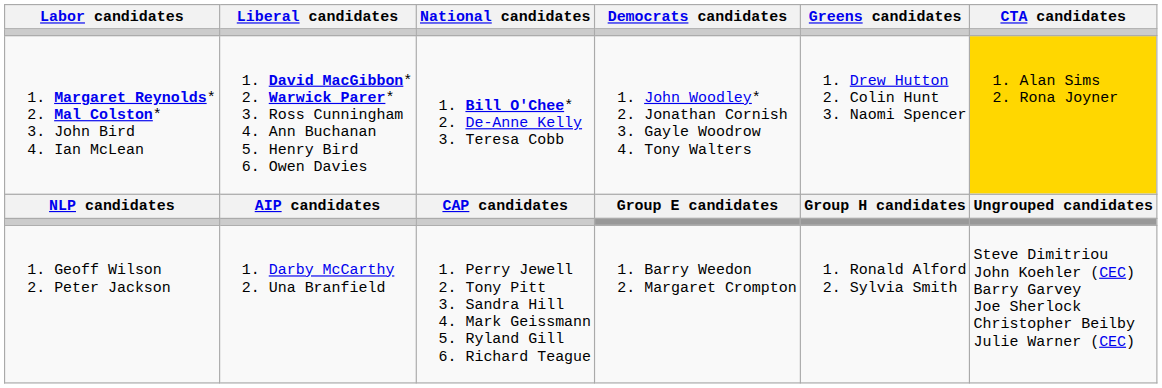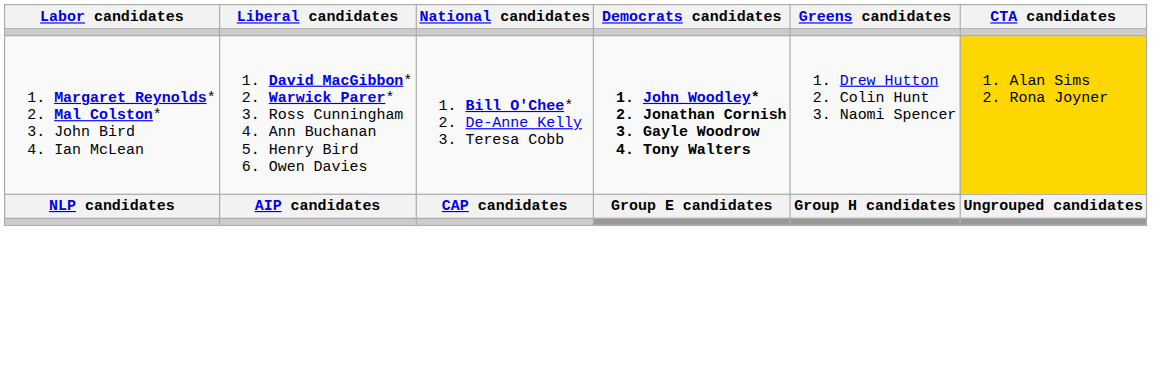 <table class="wikitable">
 <tr>
 <th><a href='#'>Labor</a> candidates</th>
 <th><a href='#'>Liberal</a> candidates</th>
 <th><a href='#'>National</a> candidates</th>
 <th><a href='#'>Democrats</a> candidates</th>
 <th><a href='#'>Greens</a> candidates</th>
 <th><a href='#'>CTA</a> candidates</th>
 </tr>
 <tr bgcolor="#cccccc">
 <td></td>
 <td></td>
 <td></td>
 <td></td>
 <td></td>
 <td></td>
 </tr>
 <tr>
 <td><br><ol><li><strong><a href='#'>Margaret Reynolds</a></strong>*</li><li><strong><a href='#'>Mal Colston</a></strong>*</li><li>John Bird</li><li>Ian McLean</li></ol></td>
 <td><br><ol><li><strong><a href='#'>David MacGibbon</a></strong>*</li><li><strong><a href='#'>Warwick Parer</a></strong>*</li><li>Ross Cunningham</li><li>Ann Buchanan</li><li>Henry Bird</li><li>Owen Davies</li></ol></td>
 <td><br><ol><li><strong><a href='#'>Bill O'Chee</a></strong>*</li><li><a href='#'>De-Anne Kelly</a></li><li>Teresa Cobb</li></ol></td>
-<td><br><ol><li><a href='#'>John Woodley</a>*</li><li>Jonathan Cornish</li><li>Gayle Woodrow</li><li>Tony Walters</li></ol></td>
+<td><strong><br><ol><li><a href='#'>John Woodley</a>*</li><li>Jonathan Cornish</li><li>Gayle Woodrow</li><li>Tony Walters</li></ol></strong></td>
 <td valign=top><br><ol><li><a href='#'>Drew Hutton</a></li><li>Colin Hunt</li><li>Naomi Spencer</li></ol></td>
 <td valign=top style="background: gold;"><br><ol><li>Alan Sims</li><li>Rona Joyner</li></ol></td>
 </tr>
 <tr bgcolor="#cccccc">
 <th><a href='#'>NLP</a> candidates</th>
 <th><a href='#'>AIP</a> candidates</th>
 <th><a href='#'>CAP</a> candidates</th>
 <th>Group E candidates</th>
 <th>Group H candidates</th>
 <th>Ungrouped candidates</th>
 </tr>
 <tr bgcolor="#cccccc">
 <td></td>
 <td></td>
 <td></td>
 <td bgcolor="#999999"></td>
 <td bgcolor="#999999"></td>
 <td bgcolor="#999999"></td>
 </tr>
-<tr>
-<td valign=top><br><ol><li>Geoff Wilson</li><li>Peter Jackson</li></ol></td>
-<td valign=top><br><ol><li><a href='#'>Darby McCarthy</a></li><li>Una Branfield</li></ol></td>
-<td valign=top><br><ol><li>Perry Jewell</li><li>Tony Pitt</li><li>Sandra Hill</li><li>Mark Geissmann</li><li>Ryland Gill</li><li>Richard Teague</li></ol></td>
-<td valign=top><br><ol><li>Barry Weedon</li><li>Margaret Crompton</li></ol></td>
-<td valign=top><br><ol><li>Ronald Alford</li><li>Sylvia Smith</li></ol></td>
-<td valign=top><br>Steve Dimitriou<br> John Koehler (<a href='#'>CEC</a>)<br> Barry Garvey<br> Joe Sherlock<br> Christopher Beilby<br> Julie Warner (<a href='#'>CEC</a>)</td>
-</tr>
 </table>
